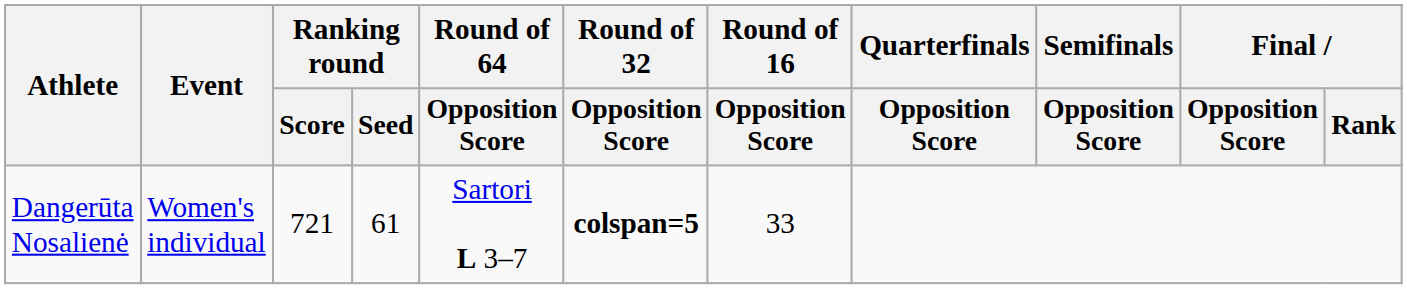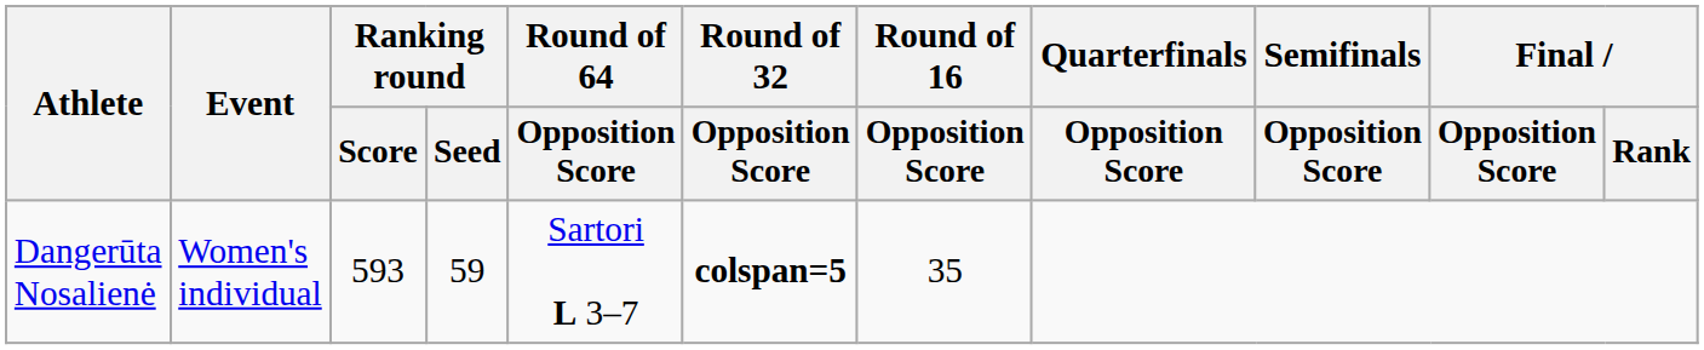 <table class="wikitable" style="font-size:90%">
 <tr>
 <th rowspan=2>Athlete</th>
 <th rowspan=2>Event</th>
 <th colspan=2>Ranking round</th>
 <th>Round of 64</th>
 <th>Round of 32</th>
 <th>Round of 16</th>
 <th>Quarterfinals</th>
 <th>Semifinals</th>
 <th colspan=2>Final / </th>
 </tr>
 <tr style="font-size:95%">
 <th>Score</th>
 <th>Seed</th>
 <th>Opposition<br>Score</th>
 <th>Opposition<br>Score</th>
 <th>Opposition<br>Score</th>
 <th>Opposition<br>Score</th>
 <th>Opposition<br>Score</th>
 <th>Opposition<br>Score</th>
 <th>Rank</th>
 </tr>
 <tr align=center>
 <td align=left><a href='#'>Dangerūta Nosalienė</a></td>
 <td align=left><a href='#'>Women's individual</a></td>
-<td>721</td>
-<td>61</td>
+<td>593</td>
+<td>59</td>
 <td><a href='#'>Sartori</a><br><br><strong>L</strong> 3–7</td>
 <td><strong>colspan=5 </strong></td>
-<td>33</td>
+<td>35</td>
 </tr>
 </table>
